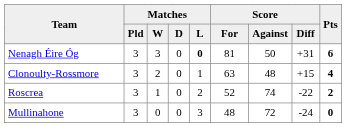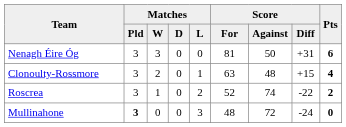 <table style=border-collapse:collapse border=1 cellspacing=0 cellpadding=5>
 <tr align=center bgcolor=#efefef>
 <th rowspan=2 width=165>Team</th>
 <th colspan=4>Matches</th>
 <th colspan=3>Score</th>
 <th rowspan=2width=20>Pts</th>
 </tr>
 <tr align=center bgcolor=#efefef>
 <th width=20>Pld</th>
 <th width=20>W</th>
 <th width=20>D</th>
 <th width=20>L</th>
 <th width=45>For</th>
 <th width=45>Against</th>
 <th width=30>Diff</th>
 </tr>
 <tr align=center>
 <td style="text-align:left;"><a href='#'>Nenagh Éire Óg</a></td>
 <td>3</td>
 <td>3</td>
 <td>0</td>
-<td><strong>0</strong></td>
+<td>0</td>
 <td>81</td>
 <td>50</td>
 <td>+31</td>
 <td><strong>6</strong></td>
 </tr>
 <tr align=center>
 <td style="text-align:left;"><a href='#'>Clonoulty-Rossmore</a></td>
 <td>3</td>
 <td>2</td>
 <td>0</td>
 <td>1</td>
 <td>63</td>
 <td>48</td>
 <td>+15</td>
 <td><strong>4</strong></td>
 </tr>
 <tr align=center>
 <td style="text-align:left;"><a href='#'>Roscrea</a></td>
 <td>3</td>
 <td>1</td>
 <td>0</td>
 <td>2</td>
 <td>52</td>
 <td>74</td>
 <td>-22</td>
 <td><strong>2</strong></td>
 </tr>
 <tr align=center>
 <td style="text-align:left;"><a href='#'>Mullinahone</a></td>
-<td>3</td>
+<td><strong>3</strong></td>
 <td>0</td>
 <td>0</td>
 <td>3</td>
 <td>48</td>
 <td>72</td>
 <td>-24</td>
 <td><strong>0</strong></td>
 </tr>
 </table>
